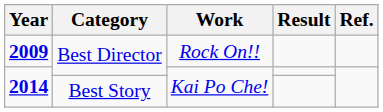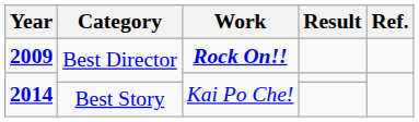 <table class= "wikitable" style="text-align:center;">
 <tr>
 <th>Year</th>
 <th>Category</th>
 <th>Work</th>
 <th>Result</th>
 <th>Ref.</th>
 </tr>
 <tr>
 <td><strong><a href='#'>2009</a></strong></td>
 <td rowspan=2><a href='#'>Best Director</a></td>
-<td><em><a href='#'>Rock On!!</a></em></td>
+<td><strong><em><a href='#'>Rock On!!</a></em></strong></td>
 <td></td>
 <td></td>
 </tr>
 <tr>
 <td Rowspan=2><strong><a href='#'>2014</a></strong></td>
 <td rowspan=2><em><a href='#'>Kai Po Che!</a></em></td>
 <td></td>
 <td rowspan=2></td>
 </tr>
 <tr>
 <td><a href='#'>Best Story</a></td>
 <td></td>
 </tr>
 </table>
